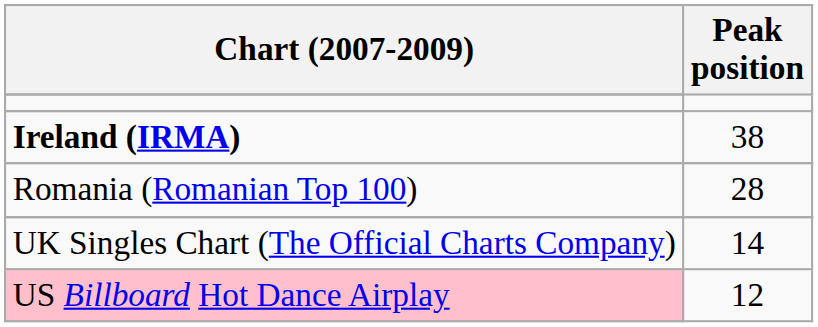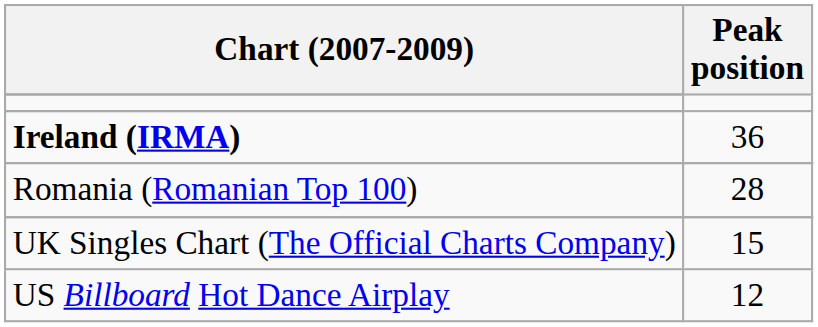 <table class="wikitable sortable">
 <tr>
 <th align="left">Chart (2007-2009)</th>
 <th align="center">Peak<br>position</th>
 </tr>
 <tr>
 </tr>
 <tr>
 </tr>
 <tr>
 <td></td>
 </tr>
 <tr>
 </tr>
 <tr>
 </tr>
 <tr>
 <td align="left"><strong>Ireland (<a href='#'>IRMA</a>)</strong></td>
-<td align="center">38</td>
+<td align="center">36</td>
 </tr>
 <tr>
 </tr>
 <tr>
 </tr>
 <tr>
 </tr>
 <tr>
 <td align="left">Romania (<a href='#'>Romanian Top 100</a>)</td>
 <td align="center">28</td>
 </tr>
 <tr>
 </tr>
 <tr>
 </tr>
 <tr>
 <td align="left">UK Singles Chart (<a href='#'>The Official Charts Company</a>)</td>
-<td align="center">14</td>
+<td align="center">15</td>
 </tr>
 <tr>
-<td align="left" style="background: pink;">US <em><a href='#'>Billboard</a></em> <a href='#'>Hot Dance Airplay</a></td>
+<td align="left">US <em><a href='#'>Billboard</a></em> <a href='#'>Hot Dance Airplay</a></td>
 <td align="center">12</td>
 </tr>
 </table>
